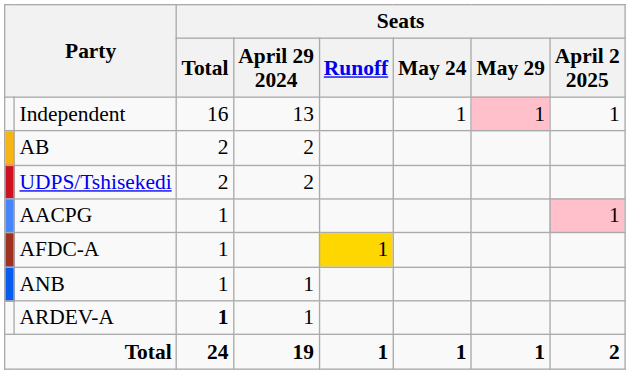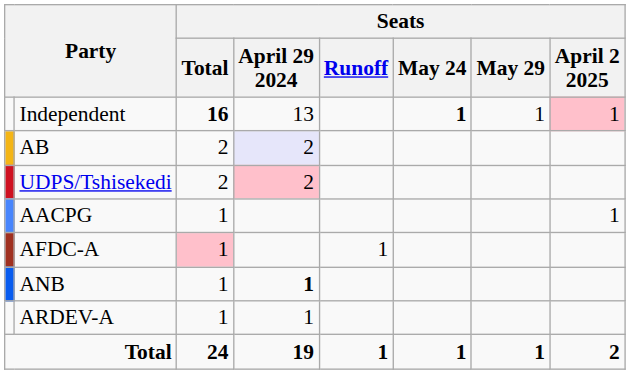 <table class="wikitable sortable">
 <tr>
 <th rowspan=2 colspan=2>Party</th>
 <th colspan=6>Seats</th>
 </tr>
 <tr>
 <th>Total</th>
 <th>April 29<br>2024</th>
 <th><a href='#'>Runoff</a></th>
 <th>May 24</th>
 <th>May 29</th>
 <th>April 2<br>2025</th>
 </tr>
 <tr style="text-align:right;">
 <td bgcolor=></td>
 <td style="text-align:left;">Independent</td>
-<td>16</td>
+<td><strong>16</strong></td>
 <td>13</td>
 <td></td>
+<td><strong>1</strong></td>
 <td>1</td>
 <td style="background: pink;">1</td>
-<td>1</td>
 </tr>
 <tr style="text-align:right;">
 <td bgcolor=#f4b515></td>
 <td style="text-align:left;">AB</td>
 <td>2</td>
-<td>2</td>
+<td style="background: lavender;">2</td>
 <td></td>
 <td></td>
 <td></td>
 <td></td>
 </tr>
 <tr style="text-align:right;">
 <td bgcolor=#CF1020></td>
 <td style="text-align:left;"><a href='#'>UDPS/Tshisekedi</a></td>
 <td>2</td>
-<td>2</td>
+<td style="background: pink;">2</td>
 <td></td>
 <td></td>
 <td></td>
 <td></td>
 </tr>
 <tr style="text-align:right;">
 <td bgcolor= #4785fd></td>
 <td style="text-align:left;">AACPG</td>
 <td>1</td>
 <td></td>
 <td></td>
 <td></td>
 <td></td>
-<td style="background: pink;">1</td>
+<td>1</td>
 </tr>
 <tr style="text-align:right;">
 <td bgcolor= #a03020></td>
 <td style="text-align:left;">AFDC-A</td>
+<td style="background: pink;">1</td>
+<td></td>
 <td>1</td>
-<td></td>
-<td style="background: gold;">1</td>
 <td></td>
 <td></td>
 <td></td>
 </tr>
 <tr style="text-align:right;">
 <td bgcolor= #085cf0></td>
 <td style="text-align:left;">ANB</td>
 <td>1</td>
-<td>1</td>
+<td><strong>1</strong></td>
 <td></td>
 <td></td>
 <td></td>
 <td></td>
 </tr>
 <tr style="text-align:right;">
 <td bgcolor=></td>
 <td style="text-align:left;">ARDEV-A</td>
-<td><strong>1</strong></td>
+<td>1</td>
 <td>1</td>
 <td></td>
 <td></td>
 <td></td>
 <td></td>
 </tr>
 <tr class="sortbottom" style="text-align:right; font-weight: bold;">
 <td colspan=2>Total</td>
 <td>24</td>
 <td>19</td>
 <td>1</td>
 <td>1</td>
 <td>1</td>
 <td>2</td>
 </tr>
 </table>
